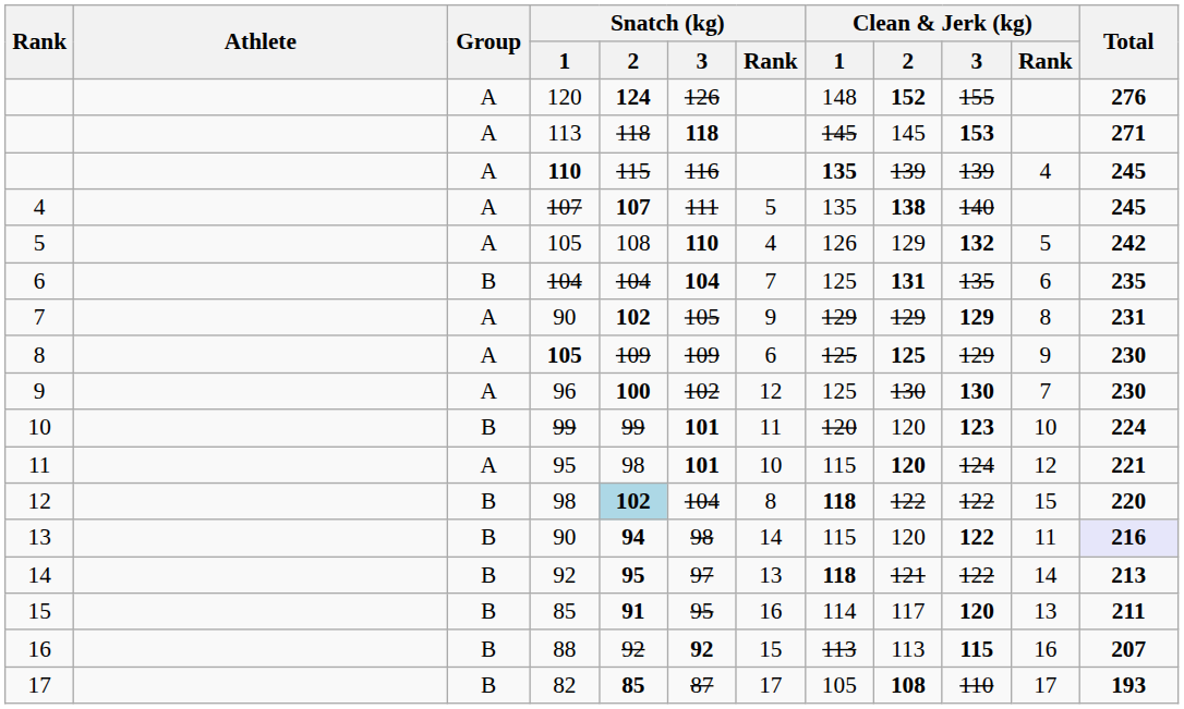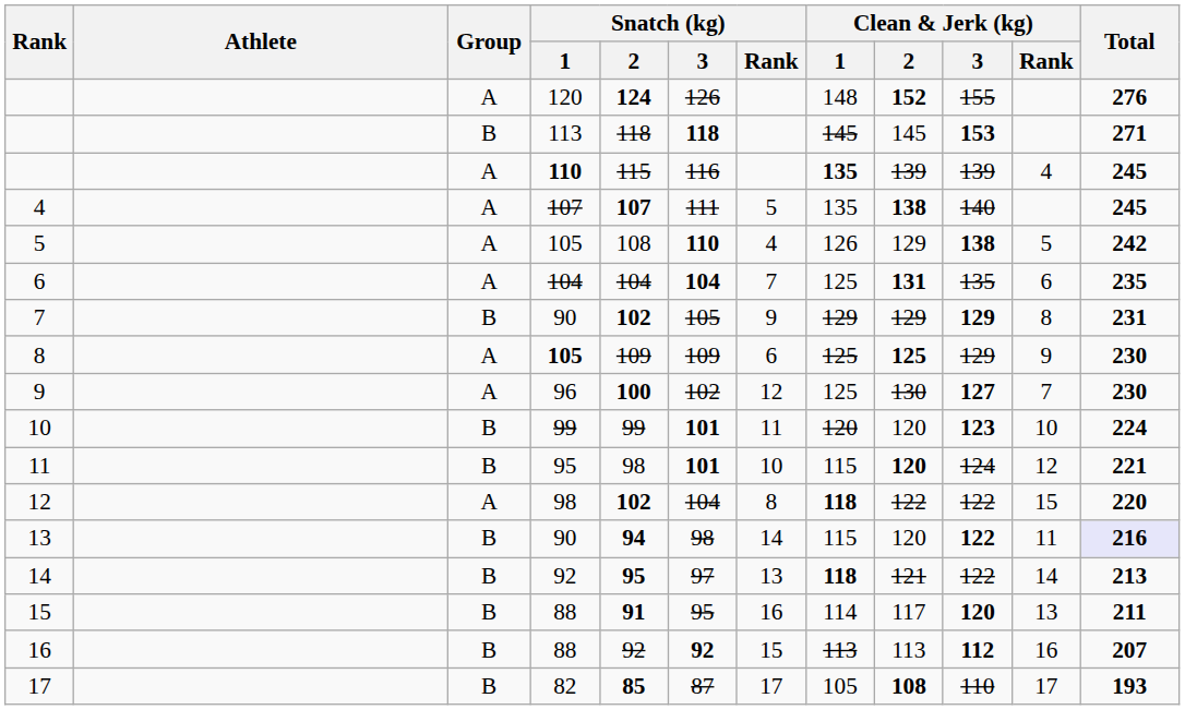 <table class = "wikitable" style="text-align:center;">
 <tr>
 <th rowspan=2 width=40>Rank</th>
 <th rowspan=2 width=250>Athlete</th>
 <th rowspan=2 width=50>Group</th>
 <th colspan=4>Snatch (kg)</th>
 <th colspan=4>Clean & Jerk (kg)</th>
 <th rowspan=2 width=60>Total</th>
 </tr>
 <tr>
 <th width=40>1</th>
 <th width=40>2</th>
 <th width=40>3</th>
 <th width=40>Rank</th>
 <th width=40>1</th>
 <th width=40>2</th>
 <th width=40>3</th>
 <th width=40>Rank</th>
 </tr>
 <tr>
 <td></td>
 <td align=left></td>
 <td>A</td>
 <td>120</td>
 <td><strong>124</strong></td>
 <td><s>126</s></td>
 <td></td>
 <td>148</td>
 <td><strong>152</strong></td>
 <td><s>155</s></td>
 <td></td>
 <td><strong>276</strong></td>
 </tr>
 <tr>
 <td></td>
 <td align=left></td>
-<td>A</td>
+<td>B</td>
 <td>113</td>
 <td><s>118</s></td>
 <td><strong>118</strong></td>
 <td></td>
 <td><s>145</s></td>
 <td>145</td>
 <td><strong>153</strong></td>
 <td></td>
 <td><strong>271</strong></td>
 </tr>
 <tr>
 <td></td>
 <td align=left></td>
 <td>A</td>
 <td><strong>110</strong></td>
 <td><s>115</s></td>
 <td><s>116</s></td>
 <td></td>
 <td><strong>135</strong></td>
 <td><s>139</s></td>
 <td><s>139</s></td>
 <td>4</td>
 <td><strong>245</strong></td>
 </tr>
 <tr>
 <td>4</td>
 <td align=left></td>
 <td>A</td>
 <td><s>107</s></td>
 <td><strong>107</strong></td>
 <td><s>111</s></td>
 <td>5</td>
 <td>135</td>
 <td><strong>138</strong></td>
 <td><s>140</s></td>
 <td></td>
 <td><strong>245</strong></td>
 </tr>
 <tr>
 <td>5</td>
 <td align=left></td>
 <td>A</td>
 <td>105</td>
 <td>108</td>
 <td><strong>110</strong></td>
 <td>4</td>
 <td>126</td>
 <td>129</td>
-<td><strong>132</strong></td>
+<td><strong>138</strong></td>
 <td>5</td>
 <td><strong>242</strong></td>
 </tr>
 <tr>
 <td>6</td>
 <td align=left></td>
-<td>B</td>
+<td>A</td>
 <td><s>104</s></td>
 <td><s>104</s></td>
 <td><strong>104</strong></td>
 <td>7</td>
 <td>125</td>
 <td><strong>131</strong></td>
 <td><s>135</s></td>
 <td>6</td>
 <td><strong>235</strong></td>
 </tr>
 <tr>
 <td>7</td>
 <td align=left></td>
-<td>A</td>
+<td>B</td>
 <td>90</td>
 <td><strong>102</strong></td>
 <td><s>105</s></td>
 <td>9</td>
 <td><s>129</s></td>
 <td><s>129</s></td>
 <td><strong>129</strong></td>
 <td>8</td>
 <td><strong>231</strong></td>
 </tr>
 <tr>
 <td>8</td>
 <td align=left></td>
 <td>A</td>
 <td><strong>105</strong></td>
 <td><s>109</s></td>
 <td><s>109</s></td>
 <td>6</td>
 <td><s>125</s></td>
 <td><strong>125</strong></td>
 <td><s>129</s></td>
 <td>9</td>
 <td><strong>230</strong></td>
 </tr>
 <tr>
 <td>9</td>
 <td align=left></td>
 <td>A</td>
 <td>96</td>
 <td><strong>100</strong></td>
 <td><s>102</s></td>
 <td>12</td>
 <td>125</td>
 <td><s>130</s></td>
-<td><strong>130</strong></td>
+<td><strong>127</strong></td>
 <td>7</td>
 <td><strong>230</strong></td>
 </tr>
 <tr>
 <td>10</td>
 <td align=left></td>
 <td>B</td>
 <td><s>99</s></td>
 <td><s>99</s></td>
 <td><strong>101</strong></td>
 <td>11</td>
 <td><s>120</s></td>
 <td>120</td>
 <td><strong>123</strong></td>
 <td>10</td>
 <td><strong>224</strong></td>
 </tr>
 <tr>
 <td>11</td>
 <td align=left></td>
-<td>A</td>
+<td>B</td>
 <td>95</td>
 <td>98</td>
 <td><strong>101</strong></td>
 <td>10</td>
 <td>115</td>
 <td><strong>120</strong></td>
 <td><s>124</s></td>
 <td>12</td>
 <td><strong>221</strong></td>
 </tr>
 <tr>
 <td>12</td>
 <td align=left></td>
-<td>B</td>
+<td>A</td>
 <td>98</td>
-<td style="background: lightblue;"><strong>102</strong></td>
+<td><strong>102</strong></td>
 <td><s>104</s></td>
 <td>8</td>
 <td><strong>118</strong></td>
 <td><s>122</s></td>
 <td><s>122</s></td>
 <td>15</td>
 <td><strong>220</strong></td>
 </tr>
 <tr>
 <td>13</td>
 <td align=left></td>
 <td>B</td>
 <td>90</td>
 <td><strong>94</strong></td>
 <td><s>98</s></td>
 <td>14</td>
 <td>115</td>
 <td>120</td>
 <td><strong>122</strong></td>
 <td>11</td>
 <td style="background: lavender;"><strong>216</strong></td>
 </tr>
 <tr>
 <td>14</td>
 <td align=left></td>
 <td>B</td>
 <td>92</td>
 <td><strong>95</strong></td>
 <td><s>97</s></td>
 <td>13</td>
 <td><strong>118</strong></td>
 <td><s>121</s></td>
 <td><s>122</s></td>
 <td>14</td>
 <td><strong>213</strong></td>
 </tr>
 <tr>
 <td>15</td>
 <td align=left></td>
 <td>B</td>
-<td>85</td>
+<td>88</td>
 <td><strong>91</strong></td>
 <td><s>95</s></td>
 <td>16</td>
 <td>114</td>
 <td>117</td>
 <td><strong>120</strong></td>
 <td>13</td>
 <td><strong>211</strong></td>
 </tr>
 <tr>
 <td>16</td>
 <td align=left></td>
 <td>B</td>
 <td>88</td>
 <td><s>92</s></td>
 <td><strong>92</strong></td>
 <td>15</td>
 <td><s>113</s></td>
 <td>113</td>
-<td><strong>115</strong></td>
+<td><strong>112</strong></td>
 <td>16</td>
 <td><strong>207</strong></td>
 </tr>
 <tr>
 <td>17</td>
 <td align=left></td>
 <td>B</td>
 <td>82</td>
 <td><strong>85</strong></td>
 <td><s>87</s></td>
 <td>17</td>
 <td>105</td>
 <td><strong>108</strong></td>
 <td><s>110</s></td>
 <td>17</td>
 <td><strong>193</strong></td>
 </tr>
 </table>
